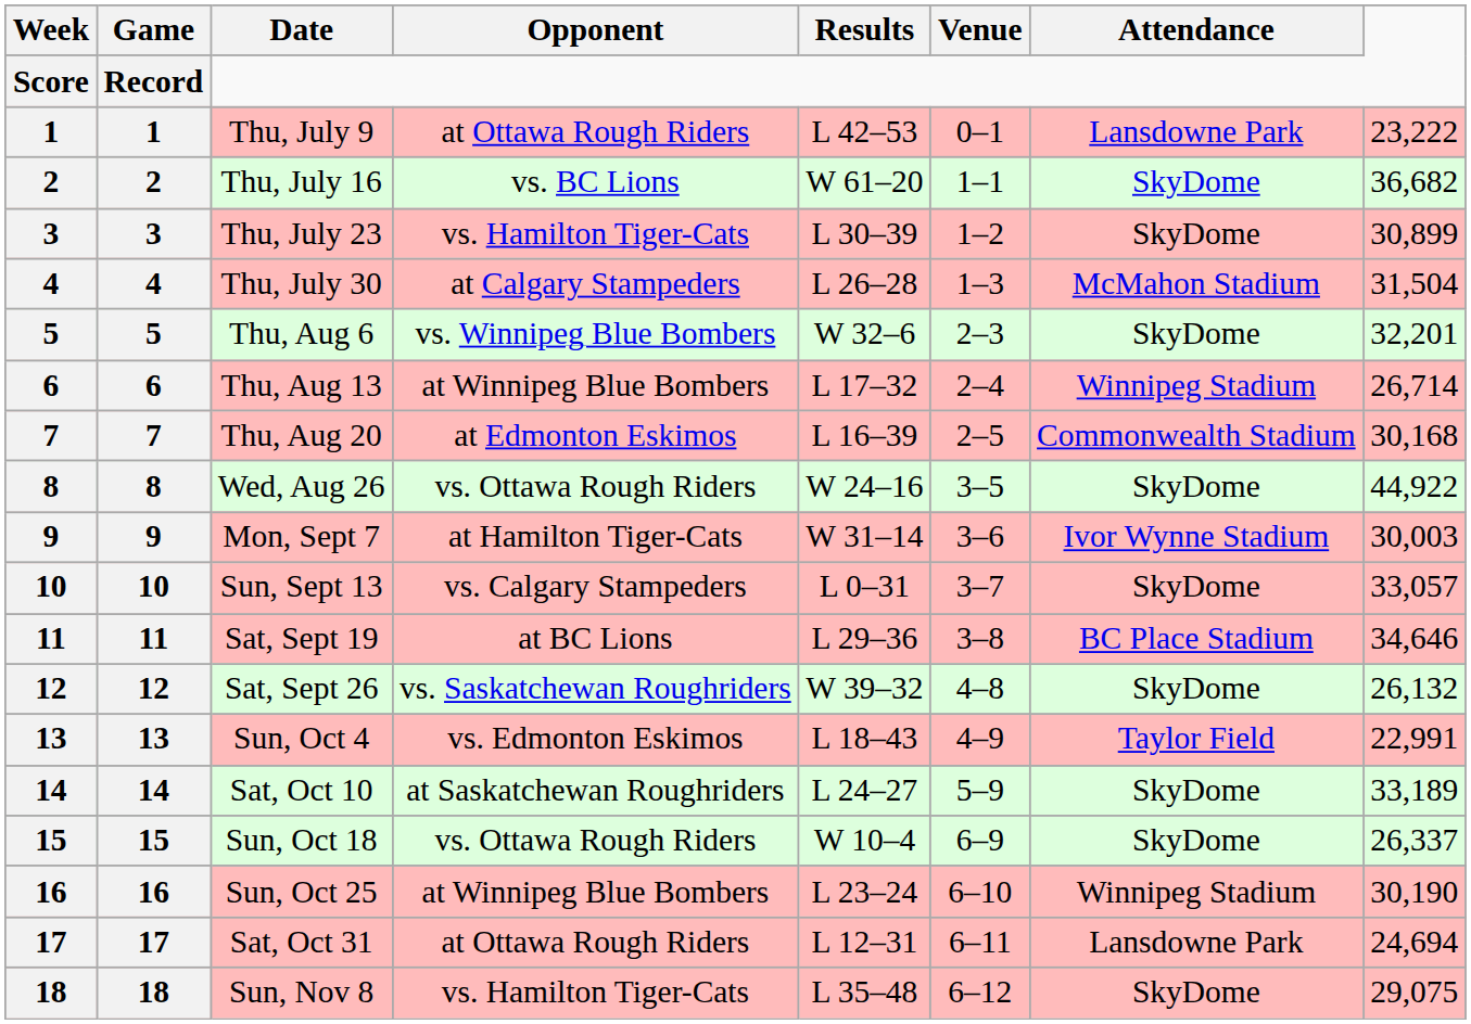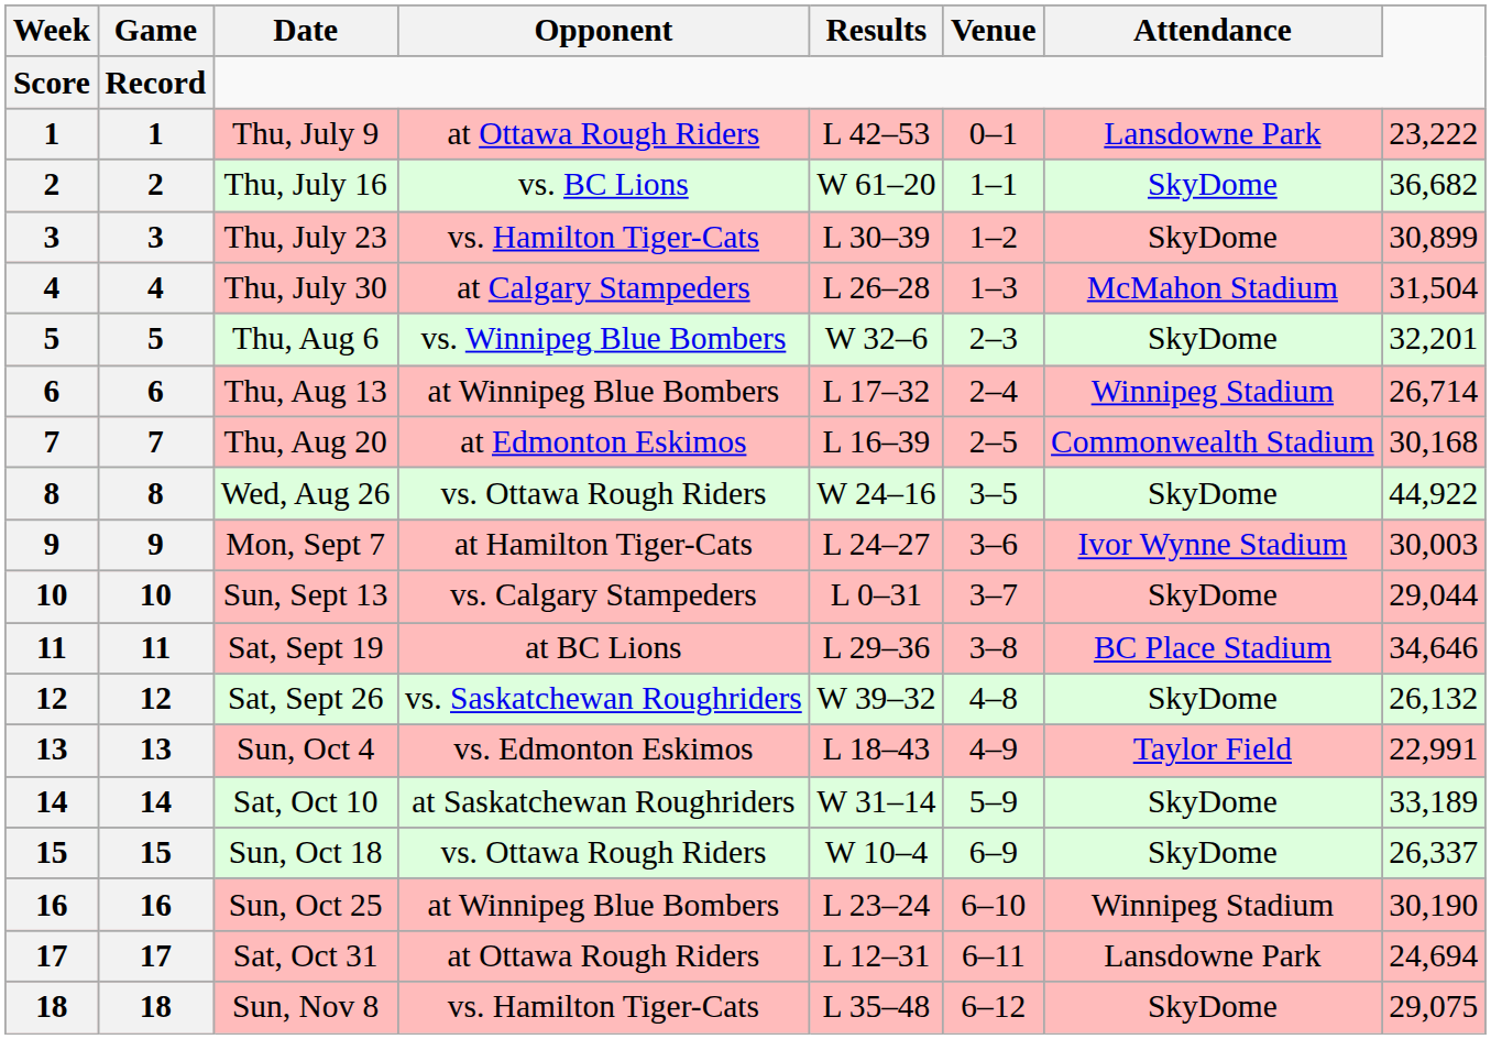 <table class="wikitable" style="text-align:center">
 <tr>
 <th>Week</th>
 <th>Game</th>
 <th>Date</th>
 <th>Opponent</th>
 <th>Results</th>
 <th>Venue</th>
 <th>Attendance</th>
 </tr>
 <tr>
 <th>Score</th>
 <th>Record</th>
 </tr>
 <tr style="background:#ffbbbb">
 <th>1</th>
 <th>1</th>
 <td>Thu, July 9</td>
 <td>at <a href='#'>Ottawa Rough Riders</a></td>
 <td>L 42–53 </td>
 <td>0–1</td>
 <td><a href='#'>Lansdowne Park</a></td>
 <td>23,222</td>
 </tr>
 <tr style="background:#ddffdd">
 <th>2</th>
 <th>2</th>
 <td>Thu, July 16</td>
 <td>vs. <a href='#'>BC Lions</a></td>
 <td>W 61–20</td>
 <td>1–1</td>
 <td><a href='#'>SkyDome</a></td>
 <td>36,682</td>
 </tr>
 <tr style="background:#ffbbbb">
 <th>3</th>
 <th>3</th>
 <td>Thu, July 23</td>
 <td>vs. <a href='#'>Hamilton Tiger-Cats</a></td>
 <td>L 30–39</td>
 <td>1–2</td>
 <td>SkyDome</td>
 <td>30,899</td>
 </tr>
 <tr style="background:#ffbbbb">
 <th>4</th>
 <th>4</th>
 <td>Thu, July 30</td>
 <td>at <a href='#'>Calgary Stampeders</a></td>
 <td>L 26–28</td>
 <td>1–3</td>
 <td><a href='#'>McMahon Stadium</a></td>
 <td>31,504</td>
 </tr>
 <tr style="background:#ddffdd">
 <th>5</th>
 <th>5</th>
 <td>Thu, Aug 6</td>
 <td>vs. <a href='#'>Winnipeg Blue Bombers</a></td>
 <td>W 32–6</td>
 <td>2–3</td>
 <td>SkyDome</td>
 <td>32,201</td>
 </tr>
 <tr style="background:#ffbbbb">
 <th>6</th>
 <th>6</th>
 <td>Thu, Aug 13</td>
 <td>at Winnipeg Blue Bombers</td>
 <td>L 17–32</td>
 <td>2–4</td>
 <td><a href='#'>Winnipeg Stadium</a></td>
 <td>26,714</td>
 </tr>
 <tr style="background:#ffbbbb">
 <th>7</th>
 <th>7</th>
 <td>Thu, Aug 20</td>
 <td>at <a href='#'>Edmonton Eskimos</a></td>
 <td>L 16–39</td>
 <td>2–5</td>
 <td><a href='#'>Commonwealth Stadium</a></td>
 <td>30,168</td>
 </tr>
 <tr style="background:#ddffdd">
 <th>8</th>
 <th>8</th>
 <td>Wed, Aug 26</td>
 <td>vs. Ottawa Rough Riders</td>
 <td>W 24–16</td>
 <td>3–5</td>
 <td>SkyDome</td>
 <td>44,922</td>
 </tr>
 <tr style="background:#ffbbbb">
 <th>9</th>
 <th>9</th>
 <td>Mon, Sept 7</td>
 <td>at Hamilton Tiger-Cats</td>
-<td>W 31–14</td>
+<td>L 24–27</td>
 <td>3–6</td>
 <td><a href='#'>Ivor Wynne Stadium</a></td>
 <td>30,003</td>
 </tr>
 <tr style="background:#ffbbbb">
 <th>10</th>
 <th>10</th>
 <td>Sun, Sept 13</td>
 <td>vs. Calgary Stampeders</td>
 <td>L 0–31</td>
 <td>3–7</td>
 <td>SkyDome</td>
-<td>33,057</td>
+<td>29,044</td>
 </tr>
 <tr style="background:#ffbbbb">
 <th>11</th>
 <th>11</th>
 <td>Sat, Sept 19</td>
 <td>at BC Lions</td>
 <td>L 29–36</td>
 <td>3–8</td>
 <td><a href='#'>BC Place Stadium</a></td>
 <td>34,646</td>
 </tr>
 <tr style="background:#ddffdd">
 <th>12</th>
 <th>12</th>
 <td>Sat, Sept 26</td>
 <td>vs. <a href='#'>Saskatchewan Roughriders</a></td>
 <td>W 39–32</td>
 <td>4–8</td>
 <td>SkyDome</td>
 <td>26,132</td>
 </tr>
 <tr style="background:#ffbbbb">
 <th>13</th>
 <th>13</th>
 <td>Sun, Oct 4</td>
 <td>vs. Edmonton Eskimos</td>
 <td>L 18–43</td>
 <td>4–9</td>
 <td><a href='#'>Taylor Field</a></td>
 <td>22,991</td>
 </tr>
 <tr style="background:#ddffdd">
 <th>14</th>
 <th>14</th>
 <td>Sat, Oct 10</td>
 <td>at Saskatchewan Roughriders</td>
-<td>L 24–27</td>
+<td>W 31–14</td>
 <td>5–9</td>
 <td>SkyDome</td>
 <td>33,189</td>
 </tr>
 <tr style="background:#ddffdd">
 <th>15</th>
 <th>15</th>
 <td>Sun, Oct 18</td>
 <td>vs. Ottawa Rough Riders</td>
 <td>W 10–4</td>
 <td>6–9</td>
 <td>SkyDome</td>
 <td>26,337</td>
 </tr>
 <tr style="background:#ffbbbb">
 <th>16</th>
 <th>16</th>
 <td>Sun, Oct 25</td>
 <td>at Winnipeg Blue Bombers</td>
 <td>L 23–24 </td>
 <td>6–10</td>
 <td>Winnipeg Stadium</td>
 <td>30,190</td>
 </tr>
 <tr style="background:#ffbbbb">
 <th>17</th>
 <th>17</th>
 <td>Sat, Oct 31</td>
 <td>at Ottawa Rough Riders</td>
 <td>L 12–31</td>
 <td>6–11</td>
 <td>Lansdowne Park</td>
 <td>24,694</td>
 </tr>
 <tr style="background:#ffbbbb">
 <th>18</th>
 <th>18</th>
 <td>Sun, Nov 8</td>
 <td>vs. Hamilton Tiger-Cats</td>
 <td>L 35–48</td>
 <td>6–12</td>
 <td>SkyDome</td>
 <td>29,075</td>
 </tr>
 </table>
